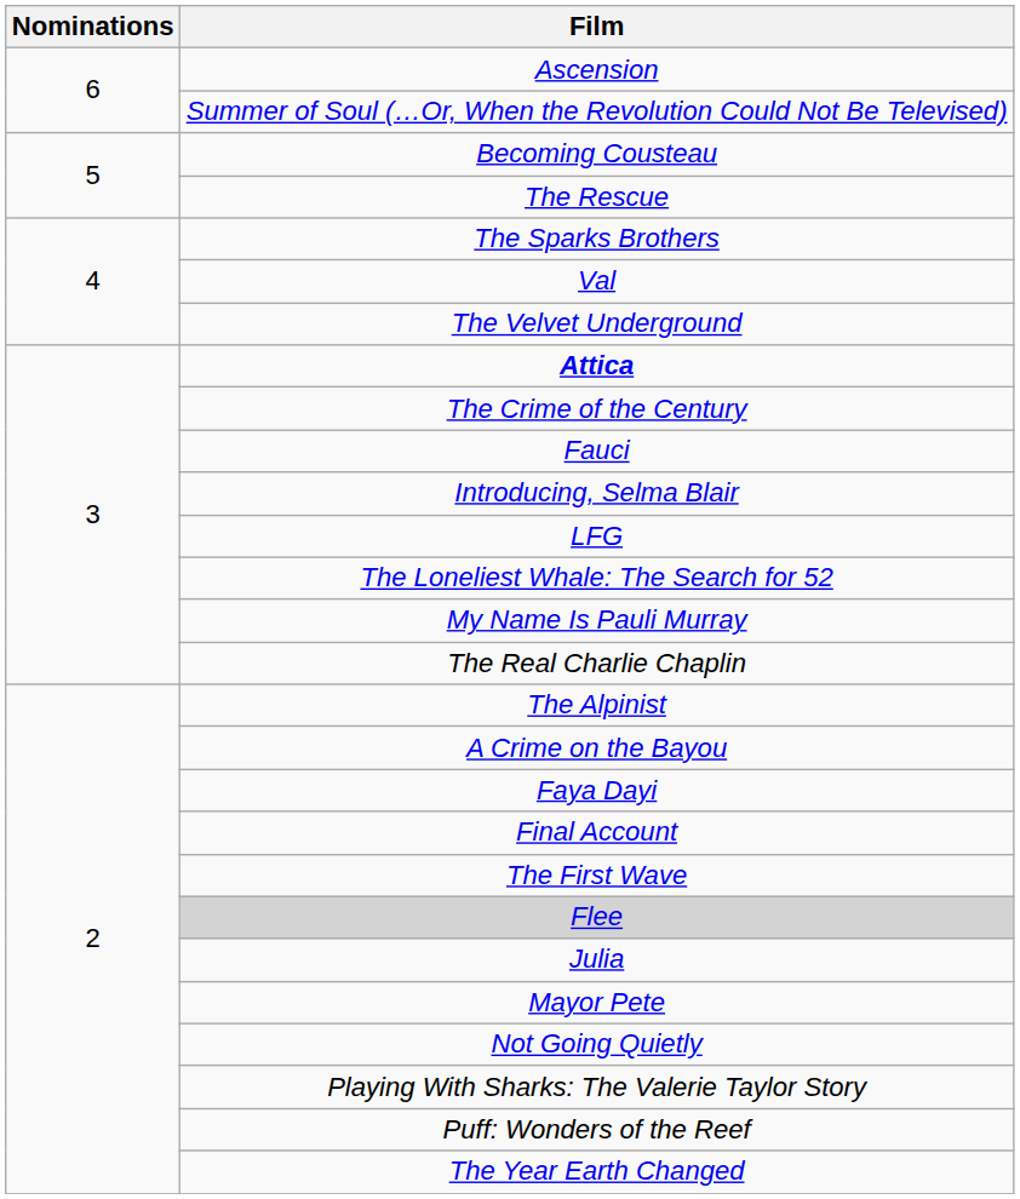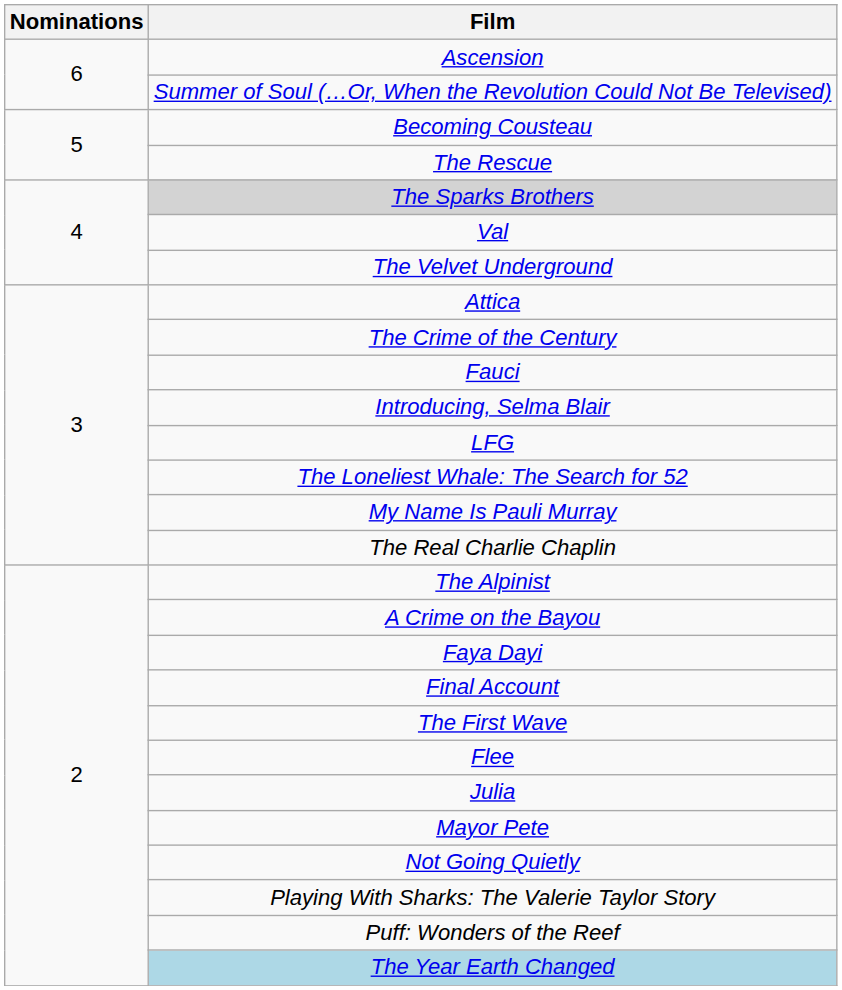 <table class="wikitable plainrowheaders" style="text-align: center;">
 <tr>
 <th scope="col" style="width:55px;">Nominations</th>
 <th scope="col" style="text-align:center;">Film</th>
 </tr>
 <tr>
 <td rowspan="2">6</td>
 <td><em><a href='#'>Ascension</a></em></td>
 </tr>
 <tr>
 <td><em><a href='#'>Summer of Soul (…Or, When the Revolution Could Not Be Televised)</a></em></td>
 </tr>
 <tr>
 <td rowspan="2">5</td>
 <td><em><a href='#'>Becoming Cousteau</a></em></td>
 </tr>
 <tr>
 <td><em><a href='#'>The Rescue</a></em></td>
 </tr>
 <tr>
 <td rowspan="3">4</td>
-<td><em><a href='#'>The Sparks Brothers</a></em></td>
+<td style="background: lightgrey;"><em><a href='#'>The Sparks Brothers</a></em></td>
 </tr>
 <tr>
 <td><em><a href='#'>Val</a></em></td>
 </tr>
 <tr>
 <td><em><a href='#'>The Velvet Underground</a></em></td>
 </tr>
 <tr>
 <td rowspan="8">3</td>
-<td><strong><em><a href='#'>Attica</a></em></strong></td>
+<td><em><a href='#'>Attica</a></em></td>
 </tr>
 <tr>
 <td><em><a href='#'>The Crime of the Century</a></em></td>
 </tr>
 <tr>
 <td><em><a href='#'>Fauci</a></em></td>
 </tr>
 <tr>
 <td><em><a href='#'>Introducing, Selma Blair</a></em></td>
 </tr>
 <tr>
 <td><em><a href='#'>LFG</a></em></td>
 </tr>
 <tr>
 <td><em><a href='#'>The Loneliest Whale: The Search for 52</a></em></td>
 </tr>
 <tr>
 <td><em><a href='#'>My Name Is Pauli Murray</a></em></td>
 </tr>
 <tr>
 <td><em>The Real Charlie Chaplin</em></td>
 </tr>
 <tr>
 <td rowspan="12">2</td>
 <td><em><a href='#'>The Alpinist</a></em></td>
 </tr>
 <tr>
 <td><em><a href='#'>A Crime on the Bayou</a></em></td>
 </tr>
 <tr>
 <td><em><a href='#'>Faya Dayi</a></em></td>
 </tr>
 <tr>
 <td><em><a href='#'>Final Account</a></em></td>
 </tr>
 <tr>
 <td><em><a href='#'>The First Wave</a></em></td>
 </tr>
 <tr>
-<td style="background: lightgrey;"><em><a href='#'>Flee</a></em></td>
+<td><em><a href='#'>Flee</a></em></td>
 </tr>
 <tr>
 <td><em><a href='#'>Julia</a></em></td>
 </tr>
 <tr>
 <td><em><a href='#'>Mayor Pete</a></em></td>
 </tr>
 <tr>
 <td><em><a href='#'>Not Going Quietly</a></em></td>
 </tr>
 <tr>
 <td><em>Playing With Sharks: The Valerie Taylor Story</em></td>
 </tr>
 <tr>
 <td><em>Puff: Wonders of the Reef</em></td>
 </tr>
 <tr>
-<td><em><a href='#'>The Year Earth Changed</a></em></td>
+<td style="background: lightblue;"><em><a href='#'>The Year Earth Changed</a></em></td>
 </tr>
 </table>
